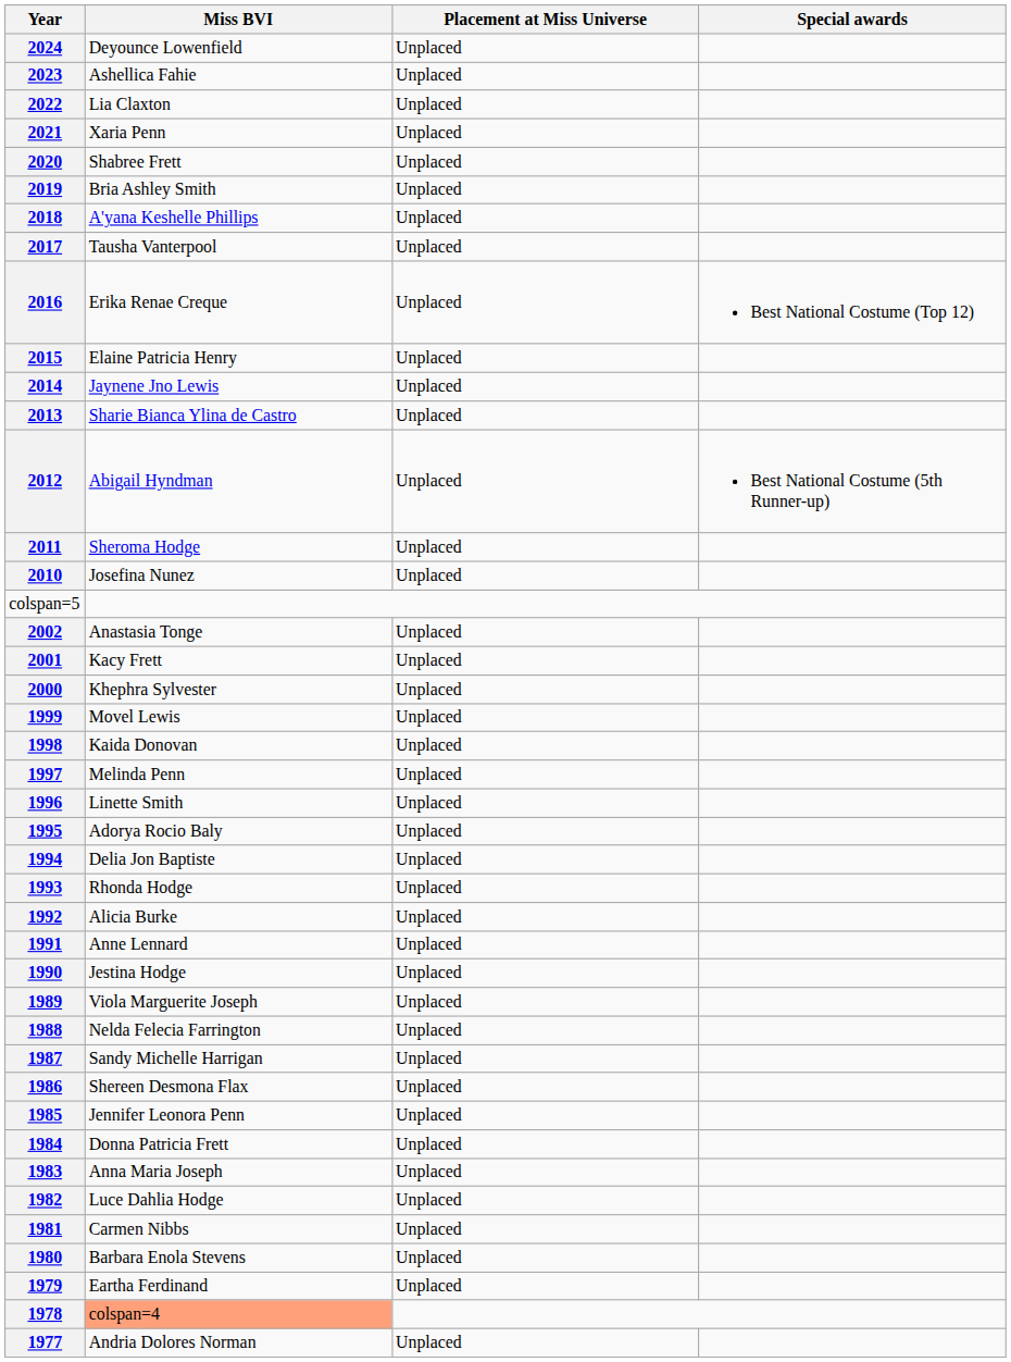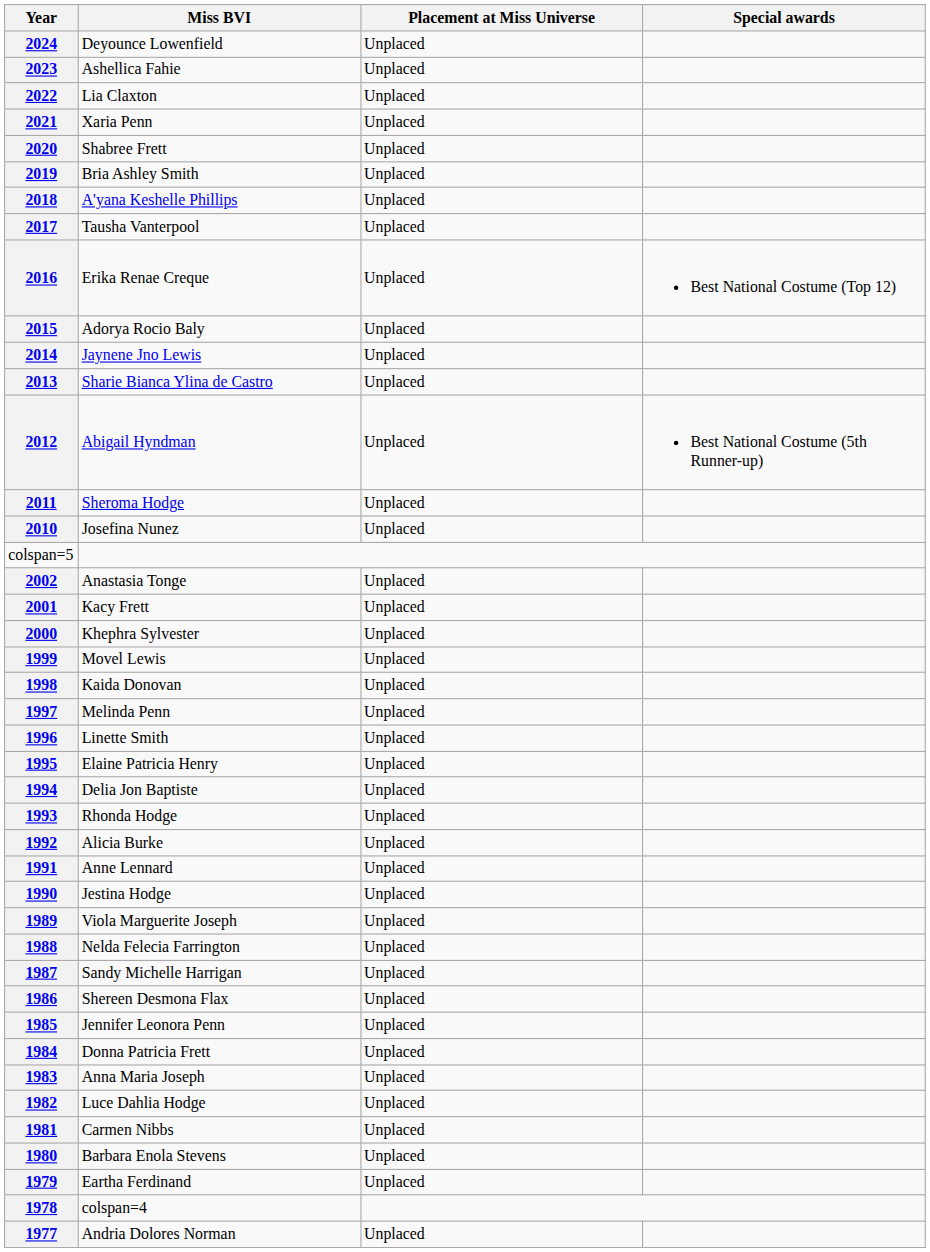 <table class="wikitable " style="font-size: 90%;">
 <tr>
 <th width="60">Year</th>
 <th width="250">Miss BVI</th>
 <th width="250">Placement at Miss Universe</th>
 <th width="250">Special awards</th>
 </tr>
 <tr>
 <th><a href='#'>2024</a></th>
 <td>Deyounce Lowenfield</td>
 <td>Unplaced</td>
 <td></td>
 </tr>
 <tr>
 <th><a href='#'>2023</a></th>
 <td>Ashellica Fahie</td>
 <td>Unplaced</td>
 <td></td>
 </tr>
 <tr>
 <th><a href='#'>2022</a></th>
 <td>Lia Claxton</td>
 <td>Unplaced</td>
 <td></td>
 </tr>
 <tr>
 <th><a href='#'>2021</a></th>
 <td>Xaria Penn</td>
 <td>Unplaced</td>
 <td></td>
 </tr>
 <tr>
 <th><a href='#'>2020</a></th>
 <td>Shabree Frett</td>
 <td>Unplaced</td>
 <td></td>
 </tr>
 <tr>
 <th><a href='#'>2019</a></th>
 <td>Bria Ashley Smith</td>
 <td>Unplaced</td>
 <td></td>
 </tr>
 <tr>
 <th><a href='#'>2018</a></th>
 <td><a href='#'>A'yana Keshelle Phillips</a></td>
 <td>Unplaced</td>
 <td></td>
 </tr>
 <tr>
 <th><a href='#'>2017</a></th>
 <td>Tausha Vanterpool</td>
 <td>Unplaced</td>
 <td></td>
 </tr>
 <tr>
 <th><a href='#'>2016</a></th>
 <td>Erika Renae Creque</td>
 <td>Unplaced</td>
 <td><br><ul><li>Best National Costume (Top 12)</li></ul></td>
 </tr>
 <tr>
 <th><a href='#'>2015</a></th>
-<td>Elaine Patricia Henry</td>
+<td>Adorya Rocio Baly</td>
 <td>Unplaced</td>
 <td></td>
 </tr>
 <tr>
 <th><a href='#'>2014</a></th>
 <td><a href='#'>Jaynene Jno Lewis</a></td>
 <td>Unplaced</td>
 <td></td>
 </tr>
 <tr>
 <th><a href='#'>2013</a></th>
 <td><a href='#'>Sharie Bianca Ylina de Castro</a></td>
 <td>Unplaced</td>
 <td></td>
 </tr>
 <tr>
 <th><a href='#'>2012</a></th>
 <td><a href='#'>Abigail Hyndman</a></td>
 <td>Unplaced</td>
 <td><br><ul><li>Best National Costume (5th Runner-up)</li></ul></td>
 </tr>
 <tr>
 <th><a href='#'>2011</a></th>
 <td><a href='#'>Sheroma Hodge</a></td>
 <td>Unplaced</td>
 <td></td>
 </tr>
 <tr>
 <th><a href='#'>2010</a></th>
 <td>Josefina Nunez</td>
 <td>Unplaced</td>
 <td></td>
 </tr>
 <tr>
 <td>colspan=5 </td>
 </tr>
 <tr>
 <th><a href='#'>2002</a></th>
 <td>Anastasia Tonge</td>
 <td>Unplaced</td>
 <td></td>
 </tr>
 <tr>
 <th><a href='#'>2001</a></th>
 <td>Kacy Frett</td>
 <td>Unplaced</td>
 <td></td>
 </tr>
 <tr>
 <th><a href='#'>2000</a></th>
 <td>Khephra Sylvester</td>
 <td>Unplaced</td>
 <td></td>
 </tr>
 <tr>
 <th><a href='#'>1999</a></th>
 <td>Movel Lewis</td>
 <td>Unplaced</td>
 <td></td>
 </tr>
 <tr>
 <th><a href='#'>1998</a></th>
 <td>Kaida Donovan</td>
 <td>Unplaced</td>
 <td></td>
 </tr>
 <tr>
 <th><a href='#'>1997</a></th>
 <td>Melinda Penn</td>
 <td>Unplaced</td>
 <td></td>
 </tr>
 <tr>
 <th><a href='#'>1996</a></th>
 <td>Linette Smith</td>
 <td>Unplaced</td>
 <td></td>
 </tr>
 <tr>
 <th><a href='#'>1995</a></th>
-<td>Adorya Rocio Baly</td>
+<td>Elaine Patricia Henry</td>
 <td>Unplaced</td>
 <td></td>
 </tr>
 <tr>
 <th><a href='#'>1994</a></th>
 <td>Delia Jon Baptiste</td>
 <td>Unplaced</td>
 <td></td>
 </tr>
 <tr>
 <th><a href='#'>1993</a></th>
 <td>Rhonda Hodge</td>
 <td>Unplaced</td>
 <td></td>
 </tr>
 <tr>
 <th><a href='#'>1992</a></th>
 <td>Alicia Burke</td>
 <td>Unplaced</td>
 <td></td>
 </tr>
 <tr>
 <th><a href='#'>1991</a></th>
 <td>Anne Lennard</td>
 <td>Unplaced</td>
 <td></td>
 </tr>
 <tr>
 <th><a href='#'>1990</a></th>
 <td>Jestina Hodge</td>
 <td>Unplaced</td>
 <td></td>
 </tr>
 <tr>
 <th><a href='#'>1989</a></th>
 <td>Viola Marguerite Joseph</td>
 <td>Unplaced</td>
 <td></td>
 </tr>
 <tr>
 <th><a href='#'>1988</a></th>
 <td>Nelda Felecia Farrington</td>
 <td>Unplaced</td>
 <td></td>
 </tr>
 <tr>
 <th><a href='#'>1987</a></th>
 <td>Sandy Michelle Harrigan</td>
 <td>Unplaced</td>
 <td></td>
 </tr>
 <tr>
 <th><a href='#'>1986</a></th>
 <td>Shereen Desmona Flax</td>
 <td>Unplaced</td>
 <td></td>
 </tr>
 <tr>
 <th><a href='#'>1985</a></th>
 <td>Jennifer Leonora Penn</td>
 <td>Unplaced</td>
 <td></td>
 </tr>
 <tr>
 <th><a href='#'>1984</a></th>
 <td>Donna Patricia Frett</td>
 <td>Unplaced</td>
 <td></td>
 </tr>
 <tr>
 <th><a href='#'>1983</a></th>
 <td>Anna Maria Joseph</td>
 <td>Unplaced</td>
 <td></td>
 </tr>
 <tr>
 <th><a href='#'>1982</a></th>
 <td>Luce Dahlia Hodge</td>
 <td>Unplaced</td>
 <td></td>
 </tr>
 <tr>
 <th><a href='#'>1981</a></th>
 <td>Carmen Nibbs</td>
 <td>Unplaced</td>
 <td></td>
 </tr>
 <tr>
 <th><a href='#'>1980</a></th>
 <td>Barbara Enola Stevens</td>
 <td>Unplaced</td>
 <td></td>
 </tr>
 <tr>
 <th><a href='#'>1979</a></th>
 <td>Eartha Ferdinand</td>
 <td>Unplaced</td>
 <td></td>
 </tr>
 <tr>
 <th><a href='#'>1978</a></th>
-<td style="background: lightsalmon;">colspan=4 </td>
+<td>colspan=4 </td>
 </tr>
 <tr>
 <th><a href='#'>1977</a></th>
 <td>Andria Dolores Norman</td>
 <td>Unplaced</td>
 <td></td>
 </tr>
 <tr>
 </tr>
 </table>
